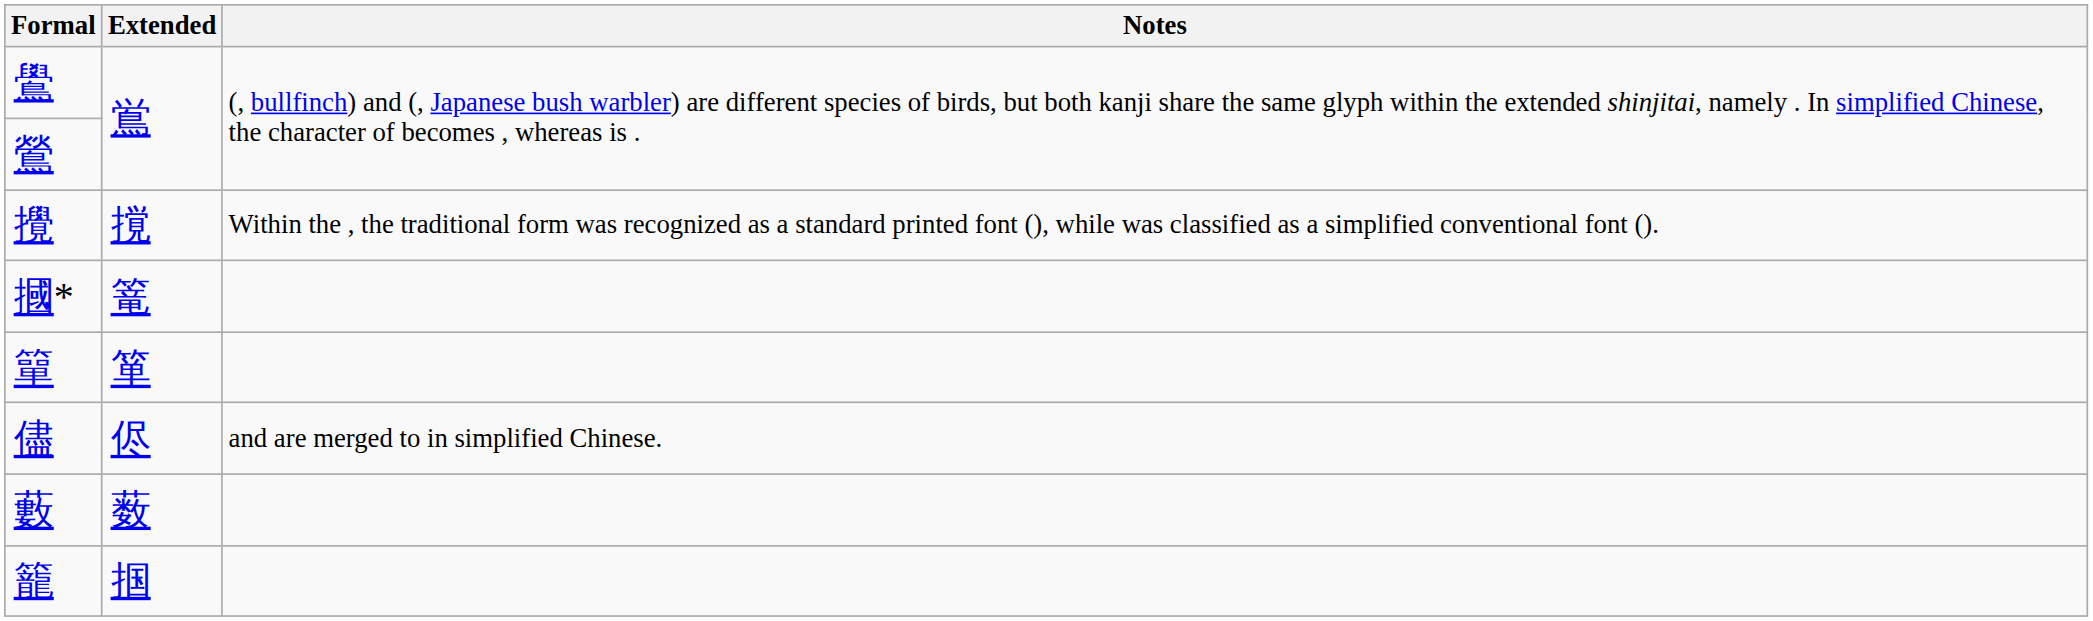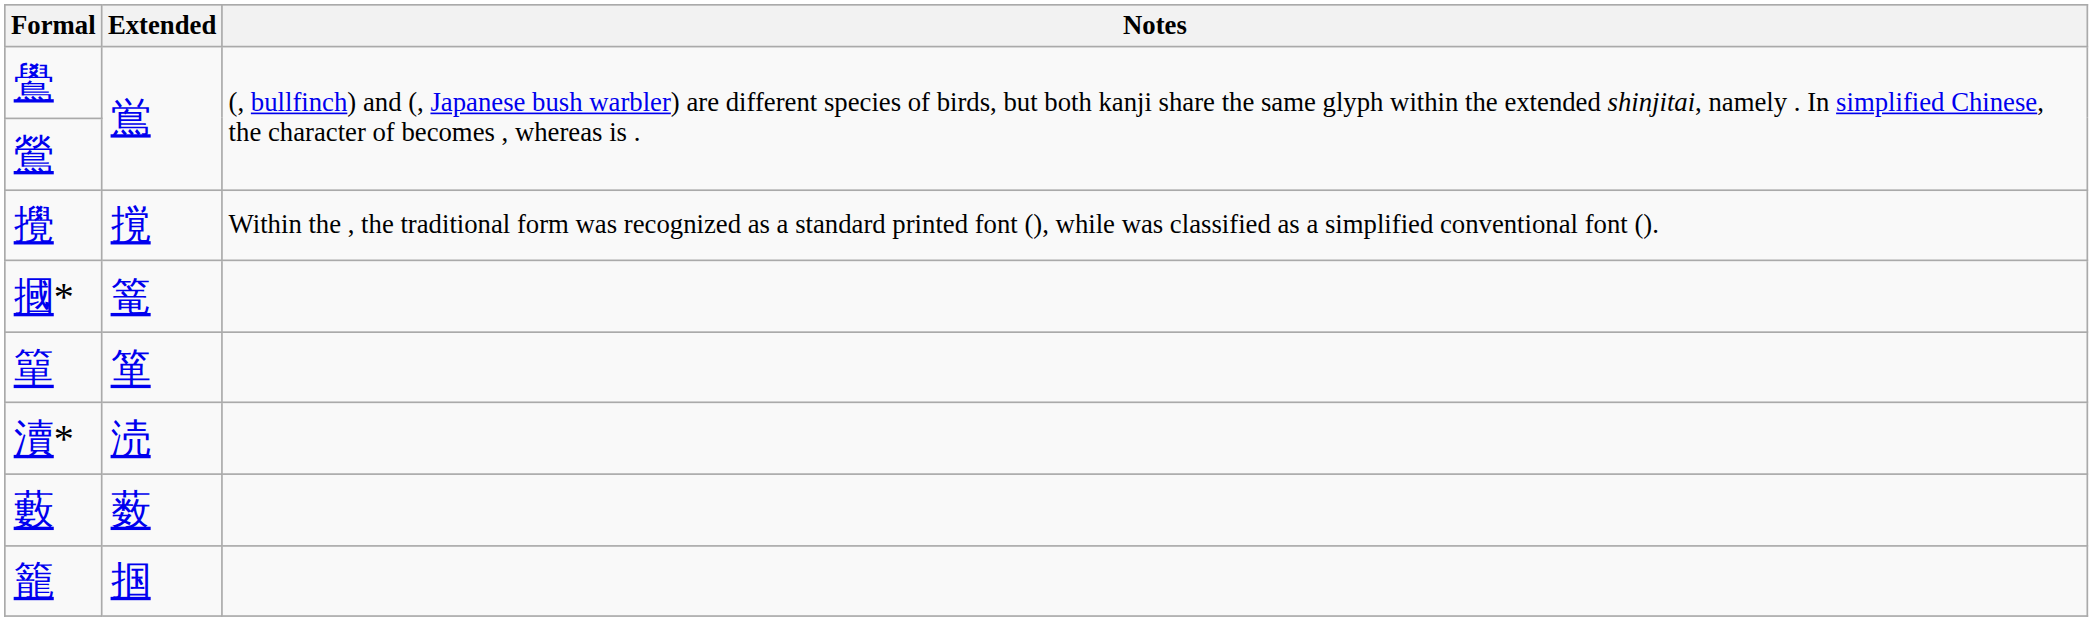 <table class="wikitable">
 <tr>
 <th>Formal</th>
 <th>Extended</th>
 <th>Notes</th>
 </tr>
 <tr>
 <td style="font-family:Meiryo; font-size:150%" lang=ja><a href='#'>鷽</a></td>
 <td style="font-family:Meiryo; font-size:150%" lang=ja rowspan=2><a href='#'>鴬</a></td>
 <td rowspan=2> (<em></em>, <a href='#'>bullfinch</a>) and  (<em></em>, <a href='#'>Japanese bush warbler</a>) are different species of birds, but both kanji share the same glyph within the extended <em>shinjitai</em>, namely . In <a href='#'>simplified Chinese</a>, the character of  becomes , whereas  is .</td>
 </tr>
 <tr>
 <td style="font-family:Meiryo; font-size:150%" lang=ja><a href='#'>鶯</a></td>
 </tr>
 <tr>
 <td style="font-family:Meiryo; font-size:150%" lang=ja><a href='#'>攪</a></td>
 <td style="font-family:Meiryo; font-size:150%" lang=ja><a href='#'>撹</a></td>
 <td>Within the , the traditional form  was recognized as a standard printed font (), while  was classified as a simplified conventional font ().</td>
 </tr>
 <tr>
 <td style="font-family:Meiryo; font-size:150%" lang=ja><a href='#'>摑</a>*</td>
 <td style="font-family:Meiryo; font-size:150%" lang=ja><a href='#'>篭</a></td>
 <td></td>
 </tr>
 <tr>
 <td style="font-family:Meiryo; font-size:150%" lang=ja><a href='#'>簞</a></td>
 <td style="font-family:Meiryo; font-size:150%" lang=ja><a href='#'>箪</a></td>
 <td></td>
 </tr>
 <tr>
-<td style="font-family:Meiryo; font-size:150%" lang=ja><a href='#'>儘</a></td>
-<td style="font-family:Meiryo; font-size:150%" lang=ja><a href='#'>侭</a></td>
-<td> and  are merged to  in simplified Chinese.</td>
+<td style="font-family:Meiryo; font-size:150%" lang=ja><a href='#'>瀆</a>*</td>
+<td style="font-family:Meiryo; font-size:150%" lang=ja><a href='#'>涜</a></td>
+<td></td>
 </tr>
 <tr>
 <td style="font-family:Meiryo; font-size:150%" lang=ja><a href='#'>藪</a></td>
 <td style="font-family:Meiryo; font-size:150%" lang=ja><a href='#'>薮</a></td>
 <td></td>
 </tr>
 <tr>
 <td style="font-family:Meiryo; font-size:150%" lang=ja><a href='#'>籠</a></td>
 <td style="font-family:Meiryo; font-size:150%" lang=ja><a href='#'>掴</a></td>
 <td></td>
 </tr>
 </table>
